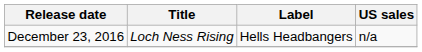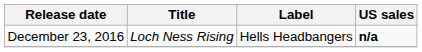 <table class="wikitable">
 <tr>
 <th>Release date</th>
 <th>Title</th>
 <th>Label</th>
 <th>US sales</th>
 </tr>
 <tr>
 <td>December 23, 2016</td>
 <td><em>Loch Ness Rising</em></td>
 <td>Hells Headbangers</td>
-<td>n/a</td>
+<td><strong>n/a</strong></td>
 </tr>
 <tr>
 </tr>
 </table>
